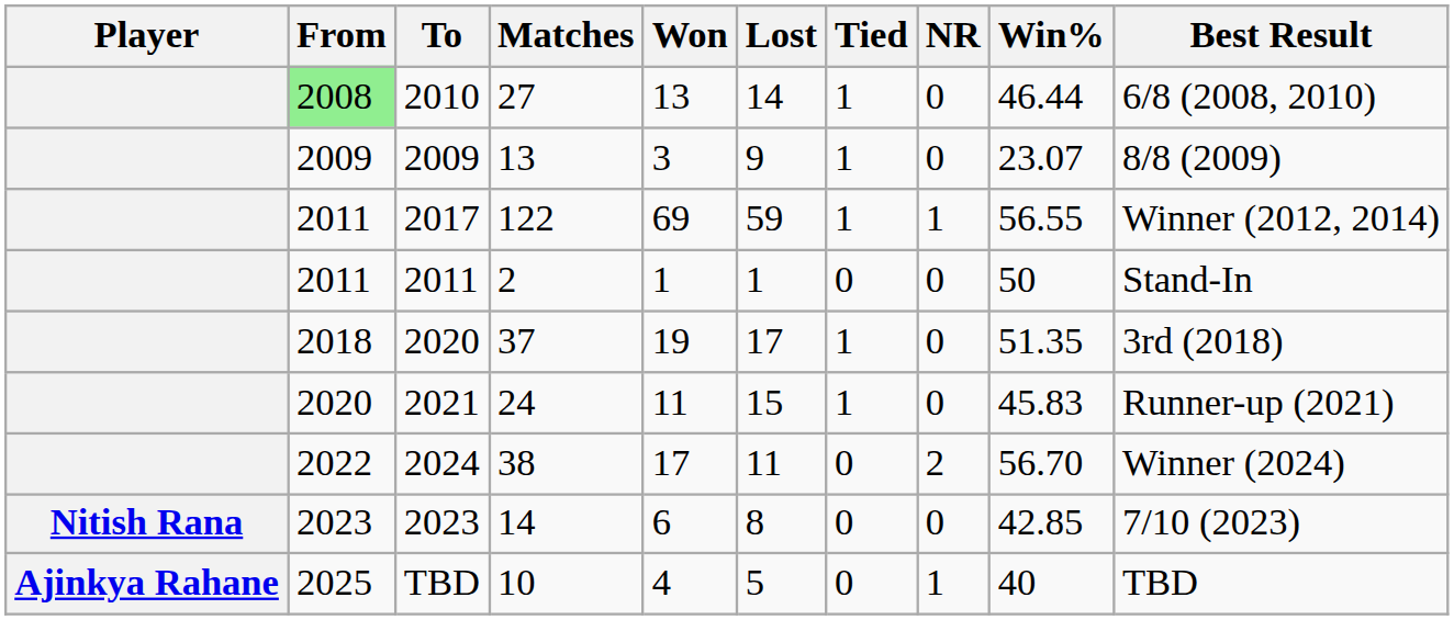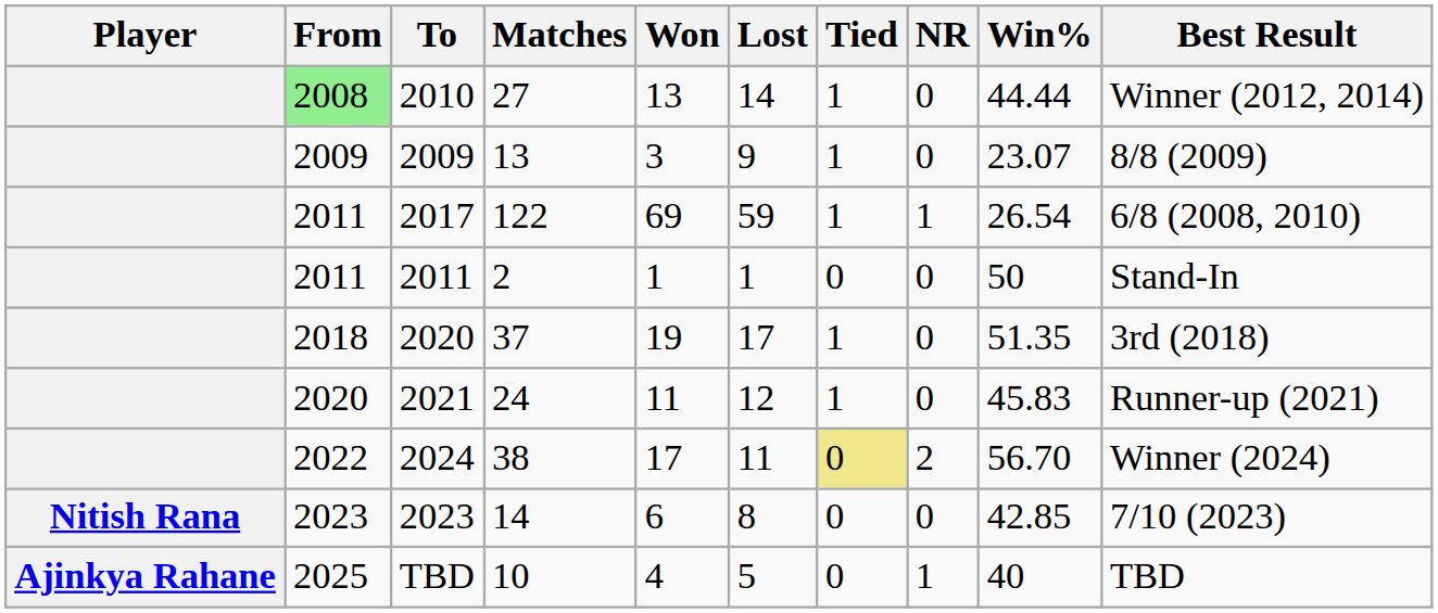 <table class="wikitable sortable" style="text-align:left;font-size:93%;">
 <tr>
 <th scope="col">Player</th>
 <th scope="col">From</th>
 <th>To</th>
 <th scope="col">Matches</th>
 <th scope="col">Won</th>
 <th scope="col">Lost</th>
 <th scope="col">Tied</th>
 <th scope="col">NR</th>
 <th scope="col">Win%</th>
 <th>Best Result</th>
 </tr>
 <tr>
 <th scope= row> </th>
 <td style="background: lightgreen;">2008</td>
 <td>2010</td>
 <td>27</td>
 <td>13</td>
 <td>14</td>
 <td>1</td>
 <td>0</td>
-<td>46.44</td>
-<td>6/8 (2008, 2010)</td>
+<td>44.44</td>
+<td>Winner (2012, 2014)</td>
 </tr>
 <tr>
 <th scope= row> </th>
 <td>2009</td>
 <td>2009</td>
 <td>13</td>
 <td>3</td>
 <td>9</td>
 <td>1</td>
 <td>0</td>
 <td>23.07</td>
 <td>8/8 (2009)</td>
 </tr>
 <tr>
 <th scope= row> </th>
 <td>2011</td>
 <td>2017</td>
 <td>122</td>
 <td>69</td>
 <td>59</td>
 <td>1</td>
 <td>1</td>
-<td>56.55</td>
-<td>Winner (2012, 2014)</td>
+<td>26.54</td>
+<td>6/8 (2008, 2010)</td>
 </tr>
 <tr>
 <th scope= row> </th>
 <td>2011</td>
 <td>2011</td>
 <td>2</td>
 <td>1</td>
 <td>1</td>
 <td>0</td>
 <td>0</td>
 <td>50</td>
 <td>Stand-In</td>
 </tr>
 <tr>
 <th scope= row> </th>
 <td>2018</td>
 <td>2020</td>
 <td>37</td>
 <td>19</td>
 <td>17</td>
 <td>1</td>
 <td>0</td>
 <td>51.35</td>
 <td>3rd (2018)</td>
 </tr>
 <tr>
 <th scope= row> </th>
 <td>2020</td>
 <td>2021</td>
 <td>24</td>
 <td>11</td>
-<td>15</td>
+<td>12</td>
 <td>1</td>
 <td>0</td>
 <td>45.83</td>
 <td>Runner-up (2021)</td>
 </tr>
 <tr>
 <th scope= row> </th>
 <td>2022</td>
 <td>2024</td>
 <td>38</td>
 <td>17</td>
 <td>11</td>
-<td>0</td>
+<td style="background: khaki;">0</td>
 <td>2</td>
 <td>56.70</td>
 <td>Winner (2024)</td>
 </tr>
 <tr>
 <th scope= row> <a href='#'>Nitish Rana</a></th>
 <td>2023</td>
 <td>2023</td>
 <td>14</td>
 <td>6</td>
 <td>8</td>
 <td>0</td>
 <td>0</td>
 <td>42.85</td>
 <td>7/10 (2023)</td>
 </tr>
 <tr>
 <th scope= row> <a href='#'>Ajinkya Rahane</a></th>
 <td>2025</td>
 <td>TBD</td>
 <td>10</td>
 <td>4</td>
 <td>5</td>
 <td>0</td>
 <td>1</td>
 <td>40</td>
 <td>TBD</td>
 </tr>
 </table>
